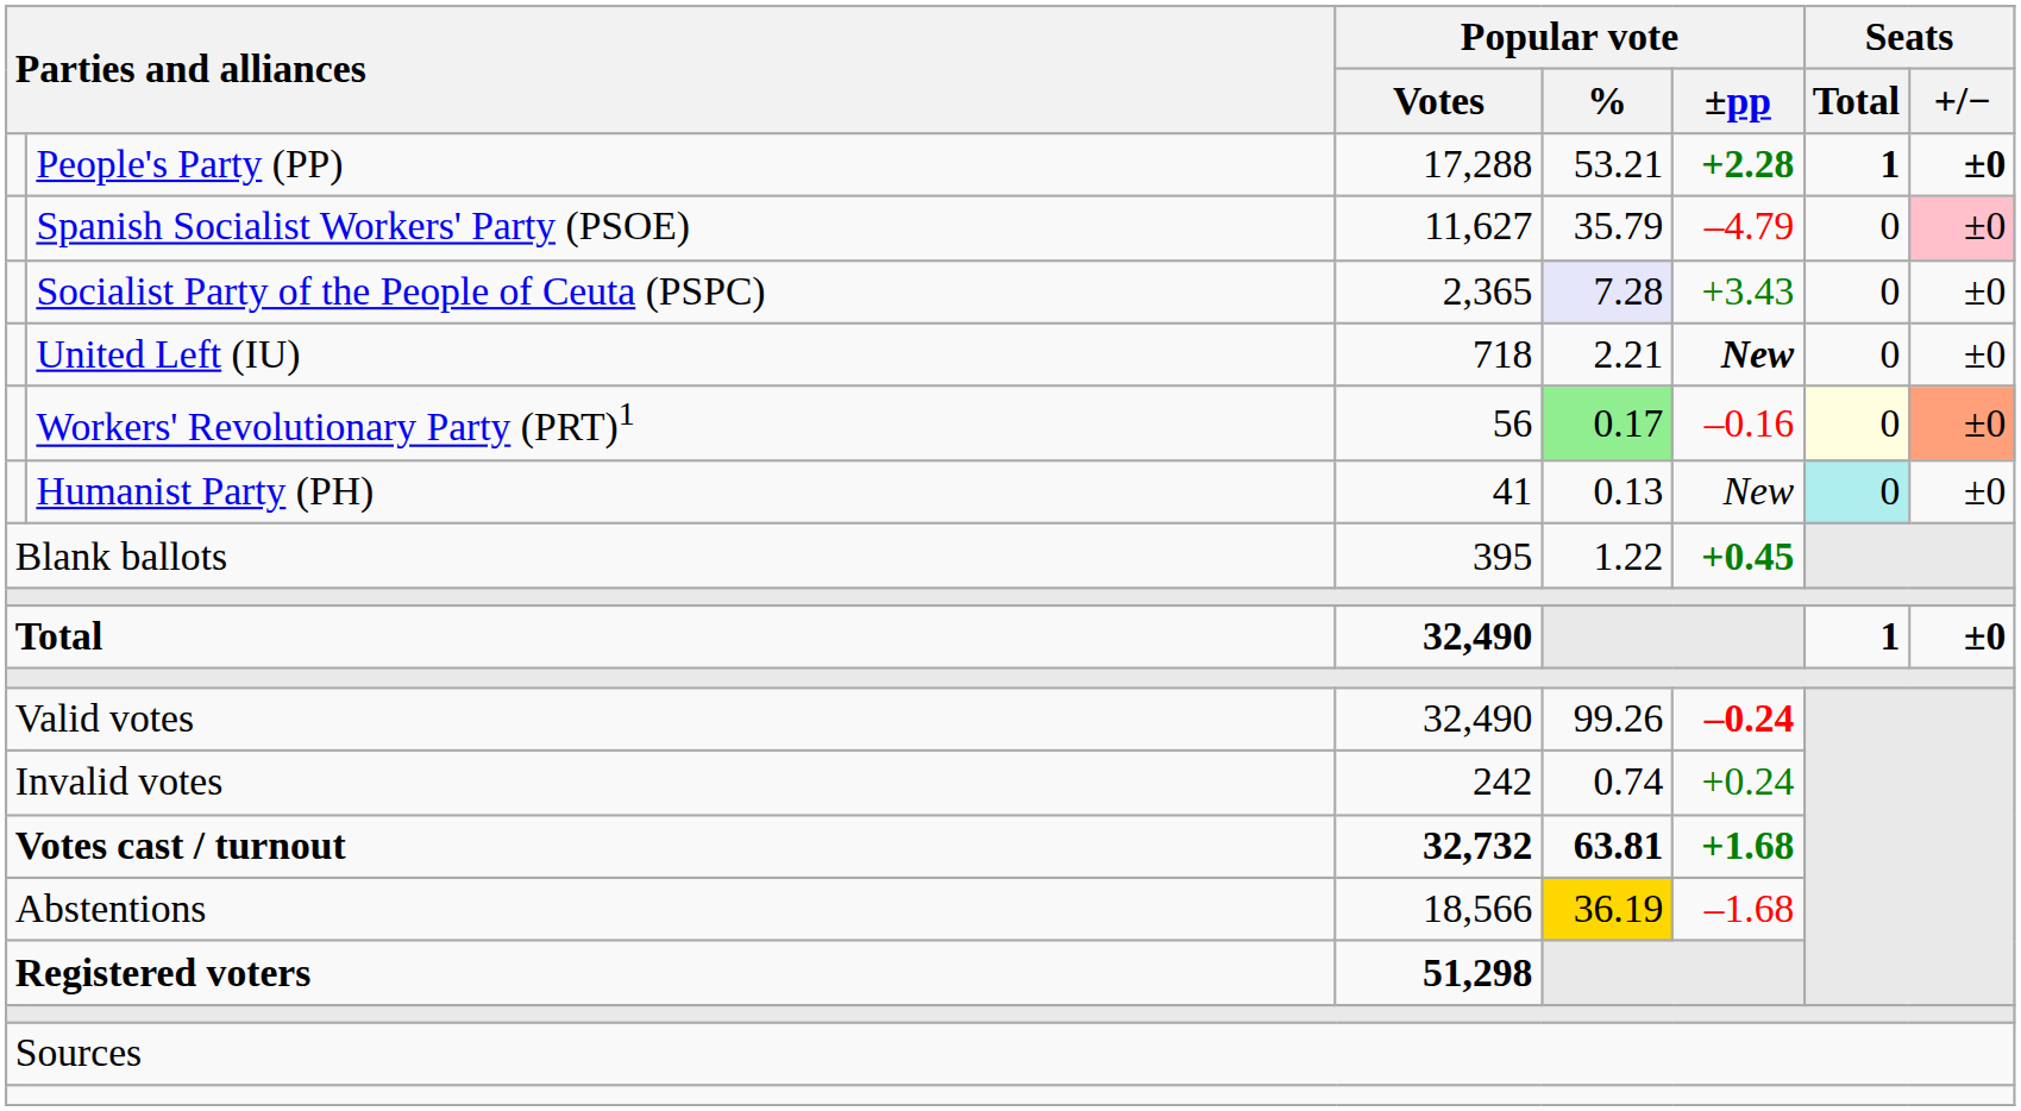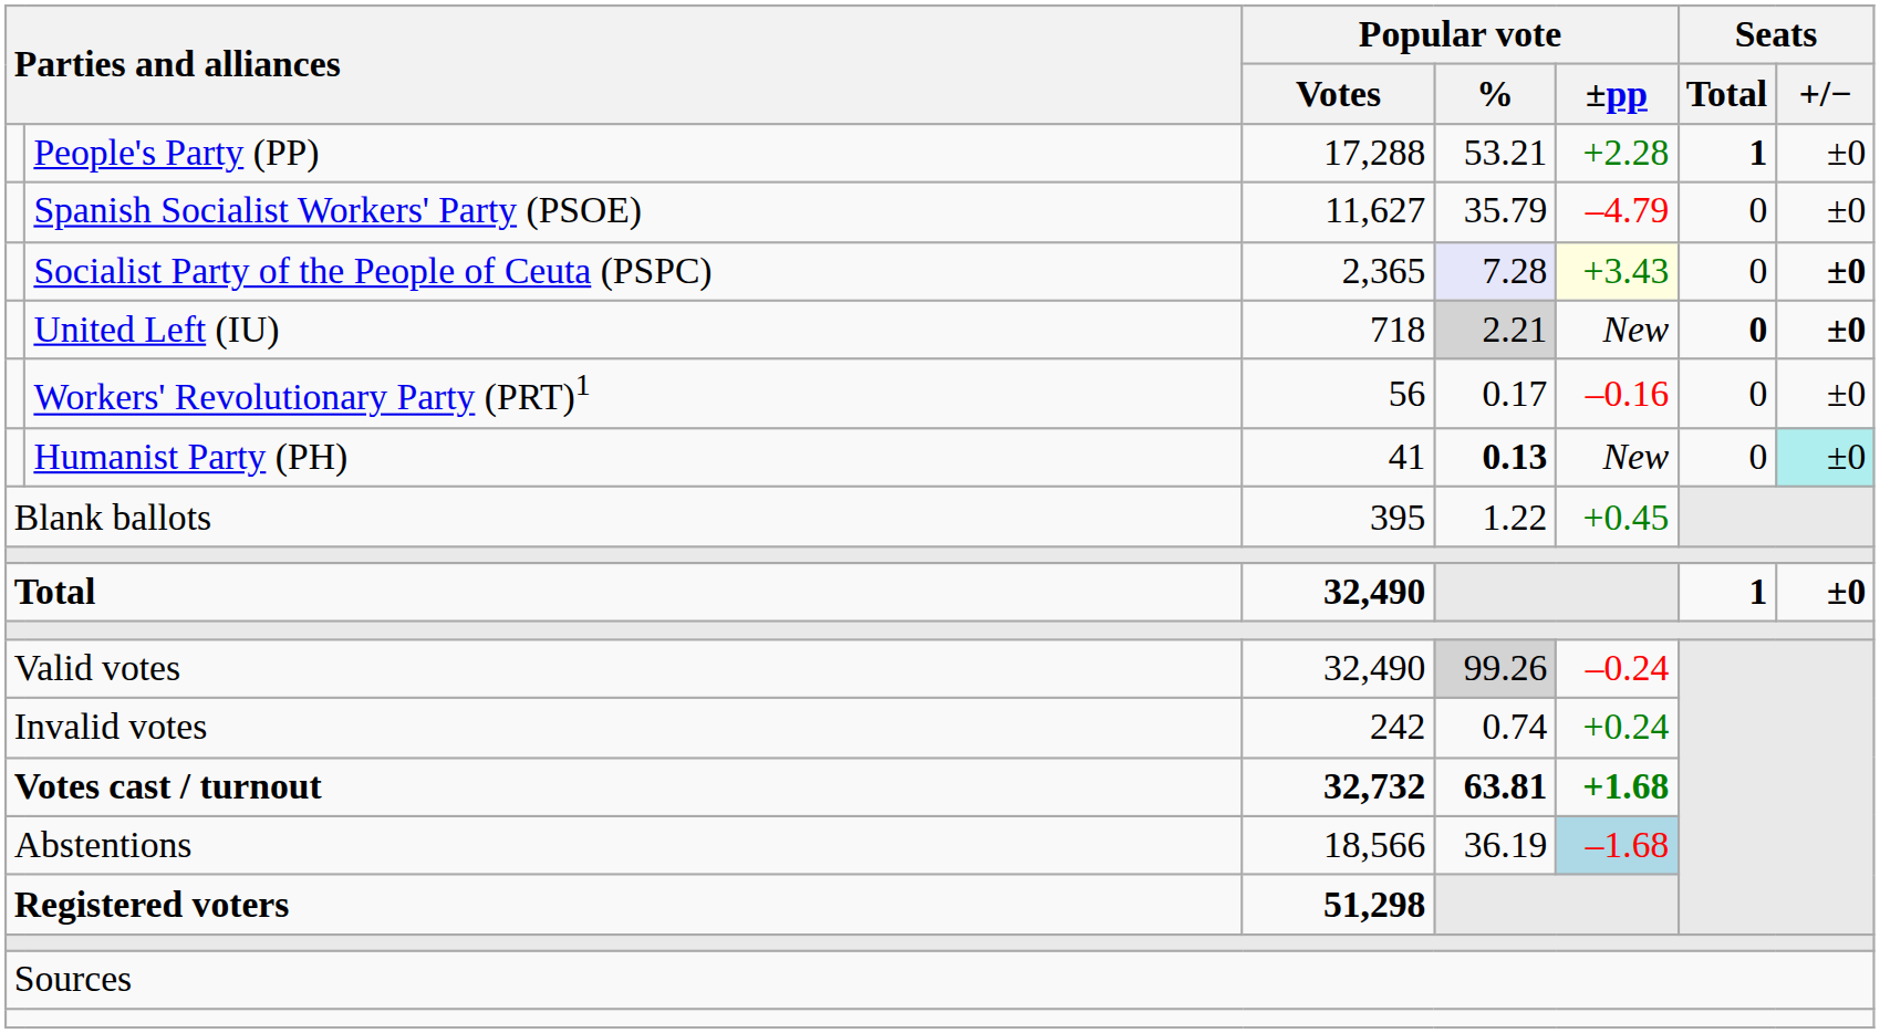 <table class="wikitable" style="text-align:right;">
 <tr>
 <th style="text-align:left;" rowspan="2" colspan="2" width="525">Parties and alliances</th>
 <th colspan="3">Popular vote</th>
 <th colspan="2">Seats</th>
 </tr>
 <tr>
 <th width="75">Votes</th>
 <th width="45">%</th>
 <th width="45">±<a href='#'>pp</a></th>
 <th width="35">Total</th>
 <th width="35">+/−</th>
 </tr>
 <tr>
 <td width="1" style="color:inherit;background:"></td>
 <td align="left"><a href='#'>People's Party</a> (PP)</td>
 <td>17,288</td>
 <td>53.21</td>
-<td style="color:green;"><strong>+2.28</strong></td>
+<td style="color:green;">+2.28</td>
 <td><strong>1</strong></td>
-<td><strong>±0</strong></td>
+<td>±0</td>
 </tr>
 <tr>
 <td style="color:inherit;background:"></td>
 <td align="left"><a href='#'>Spanish Socialist Workers' Party</a> (PSOE)</td>
 <td>11,627</td>
 <td>35.79</td>
 <td style="color:red;">–4.79</td>
 <td>0</td>
-<td style="background: pink;">±0</td>
+<td>±0</td>
 </tr>
 <tr>
 <td style="color:inherit;background:"></td>
 <td align="left"><a href='#'>Socialist Party of the People of Ceuta</a> (PSPC)</td>
 <td>2,365</td>
 <td style="background: lavender;">7.28</td>
-<td style="color:green;">+3.43</td>
+<td style="background: lightyellow; color:green;">+3.43</td>
+<td>0</td>
+<td><strong>±0</strong></td>
+</tr>
+<tr>
+<td style="color:inherit;background:"></td>
+<td align="left"><a href='#'>United Left</a> (IU)</td>
+<td>718</td>
+<td style="background: lightgrey;">2.21</td>
+<td><em>New</em></td>
+<td><strong>0</strong></td>
+<td><strong>±0</strong></td>
+</tr>
+<tr>
+<td style="color:inherit;background:"></td>
+<td align="left"><a href='#'>Workers' Revolutionary Party</a> (PRT)<sup>1</sup></td>
+<td>56</td>
+<td>0.17</td>
+<td style="color:red;">–0.16</td>
 <td>0</td>
 <td>±0</td>
 </tr>
 <tr>
 <td style="color:inherit;background:"></td>
-<td align="left"><a href='#'>United Left</a> (IU)</td>
-<td>718</td>
-<td>2.21</td>
-<td><strong><em>New</em></strong></td>
-<td>0</td>
-<td>±0</td>
-</tr>
-<tr>
-<td style="color:inherit;background:"></td>
-<td align="left"><a href='#'>Workers' Revolutionary Party</a> (PRT)<sup>1</sup></td>
-<td>56</td>
-<td style="background: lightgreen;">0.17</td>
-<td style="color:red;">–0.16</td>
-<td style="background: lightyellow;">0</td>
-<td style="background: lightsalmon;">±0</td>
-</tr>
-<tr>
-<td style="color:inherit;background:"></td>
 <td align="left"><a href='#'>Humanist Party</a> (PH)</td>
 <td>41</td>
-<td>0.13</td>
+<td><strong>0.13</strong></td>
 <td><em>New</em></td>
-<td style="background: paleturquoise;">0</td>
-<td>±0</td>
+<td>0</td>
+<td style="background: paleturquoise;">±0</td>
 </tr>
 <tr>
 <td align="left" colspan="2">Blank ballots</td>
 <td>395</td>
 <td>1.22</td>
-<td style="color:green;"><strong>+0.45</strong></td>
+<td style="color:green;">+0.45</td>
 <td bgcolor="#E9E9E9" colspan="2"></td>
 </tr>
 <tr>
 <td colspan="7" bgcolor="#E9E9E9"></td>
 </tr>
 <tr style="font-weight:bold;">
 <td align="left" colspan="2">Total</td>
 <td>32,490</td>
 <td bgcolor="#E9E9E9" colspan="2"></td>
 <td>1</td>
 <td>±0</td>
 </tr>
 <tr>
 <td colspan="7" bgcolor="#E9E9E9"></td>
 </tr>
 <tr>
 <td align="left" colspan="2">Valid votes</td>
 <td>32,490</td>
-<td>99.26</td>
-<td style="color:red;"><strong>–0.24</strong></td>
+<td style="background: lightgrey;">99.26</td>
+<td style="color:red;">–0.24</td>
 <td bgcolor="#E9E9E9" colspan="2" rowspan="5"></td>
 </tr>
 <tr>
 <td align="left" colspan="2">Invalid votes</td>
 <td>242</td>
 <td>0.74</td>
 <td style="color:green;">+0.24</td>
 </tr>
 <tr style="font-weight:bold;">
 <td align="left" colspan="2">Votes cast / turnout</td>
 <td>32,732</td>
 <td>63.81</td>
 <td style="color:green;">+1.68</td>
 </tr>
 <tr>
 <td align="left" colspan="2">Abstentions</td>
 <td>18,566</td>
-<td style="background: gold;">36.19</td>
-<td style="color:red;">–1.68</td>
+<td>36.19</td>
+<td style="background: lightblue; color:red;">–1.68</td>
 </tr>
 <tr style="font-weight:bold;">
 <td align="left" colspan="2">Registered voters</td>
 <td>51,298</td>
 <td bgcolor="#E9E9E9" colspan="2"></td>
 </tr>
 <tr>
 <td colspan="7" bgcolor="#E9E9E9"></td>
 </tr>
 <tr>
 <td align="left" colspan="7">Sources</td>
 </tr>
 <tr>
 <td colspan="7" style="text-align:left; max-width:790px;"></td>
 </tr>
 </table>
